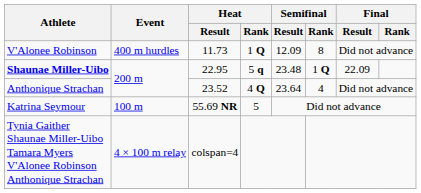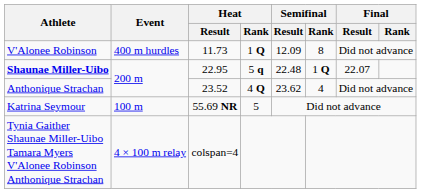 <table class="wikitable" style="font-size:90%">
 <tr>
 <th rowspan=2>Athlete</th>
 <th rowspan=2>Event</th>
 <th colspan=2>Heat</th>
 <th colspan=2>Semifinal</th>
 <th colspan=2>Final</th>
 </tr>
 <tr style="font-size:95%">
 <th>Result</th>
 <th>Rank</th>
 <th>Result</th>
 <th>Rank</th>
 <th>Result</th>
 <th>Rank</th>
 </tr>
 <tr align=center>
 <td align=left><a href='#'>V'Alonee Robinson</a></td>
 <td align=left><a href='#'>400 m hurdles</a></td>
 <td>11.73 <strong></strong></td>
 <td>1 <strong>Q</strong></td>
 <td>12.09</td>
 <td>8</td>
 <td colspan=2>Did not advance</td>
 </tr>
 <tr align=center>
 <td align=left><strong><a href='#'>Shaunae Miller-Uibo</a></strong></td>
 <td align=left rowspan=2><a href='#'>200 m</a></td>
 <td>22.95</td>
 <td>5 <strong>q</strong></td>
-<td>23.48</td>
+<td>22.48</td>
 <td>1 <strong>Q</strong></td>
-<td>22.09</td>
+<td>22.07</td>
 <td></td>
 </tr>
 <tr align=center>
 <td align=left><a href='#'>Anthonique Strachan</a></td>
 <td>23.52</td>
 <td>4 <strong>Q</strong></td>
-<td>23.64</td>
+<td>23.62</td>
 <td>4</td>
 <td colspan=2>Did not advance</td>
 </tr>
 <tr align=center>
 <td align=left><a href='#'>Katrina Seymour</a></td>
 <td align=left><a href='#'>100 m</a></td>
 <td>55.69 <strong>NR</strong></td>
 <td>5</td>
 <td colspan=4>Did not advance</td>
 </tr>
 <tr align=center>
 <td align=left><a href='#'>Tynia Gaither</a><br><a href='#'>Shaunae Miller-Uibo</a><br><a href='#'>Tamara Myers</a><br><a href='#'>V'Alonee Robinson</a><br><a href='#'>Anthonique Strachan</a></td>
 <td align=left><a href='#'>4 × 100 m relay</a></td>
 <td>colspan=4</td>
 <td colspan=2></td>
 </tr>
 </table>
